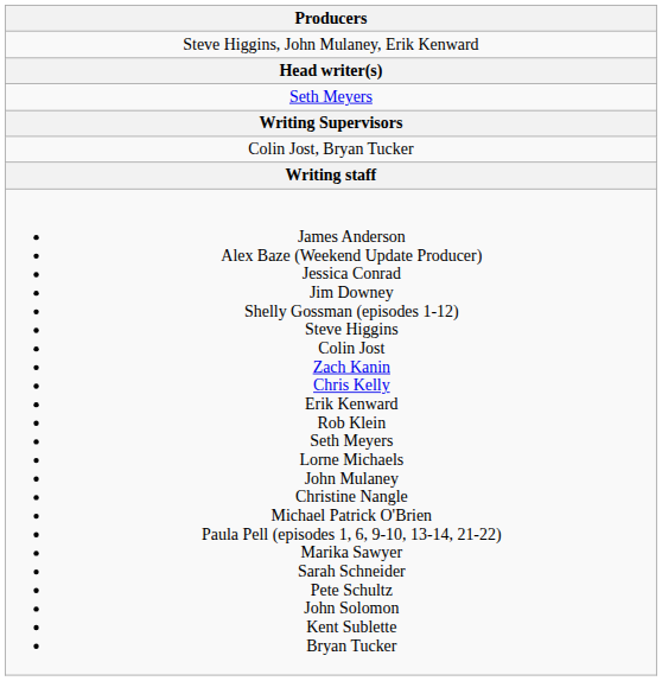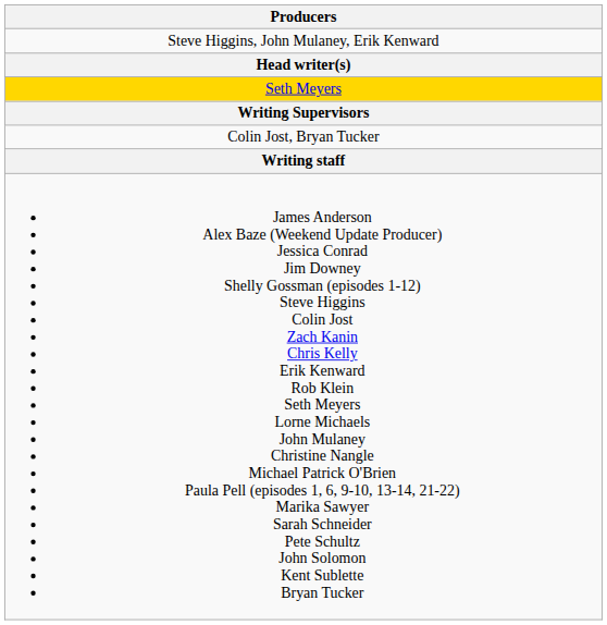 <table class="wikitable plainrowheaders"  style="text-align:center; width:50%;">
 <tr>
 <th><strong>Producers</strong></th>
 </tr>
 <tr>
 <td>Steve Higgins, John Mulaney, Erik Kenward</td>
 </tr>
 <tr>
 <th><strong>Head writer(s)</strong></th>
 </tr>
 <tr>
-<td><a href='#'>Seth Meyers</a></td>
+<td style="background: gold;"><a href='#'>Seth Meyers</a></td>
 </tr>
 <tr>
 <th><strong>Writing Supervisors</strong></th>
 </tr>
 <tr>
 <td>Colin Jost, Bryan Tucker</td>
 </tr>
 <tr>
 <th><strong>Writing staff</strong></th>
 </tr>
 <tr>
 <td><br><ul><li>James Anderson</li><li>Alex Baze (Weekend Update Producer)</li><li>Jessica Conrad</li><li>Jim Downey</li><li>Shelly Gossman (episodes 1-12)</li><li>Steve Higgins</li><li>Colin Jost</li><li><a href='#'>Zach Kanin</a></li><li><a href='#'>Chris Kelly</a></li><li>Erik Kenward</li><li>Rob Klein</li><li>Seth Meyers</li><li>Lorne Michaels</li><li>John Mulaney</li><li>Christine Nangle</li><li>Michael Patrick O'Brien</li><li>Paula Pell (episodes 1, 6, 9-10, 13-14, 21-22)</li><li>Marika Sawyer</li><li>Sarah Schneider</li><li>Pete Schultz</li><li>John Solomon</li><li>Kent Sublette</li><li>Bryan Tucker</li></ul></td>
 </tr>
 </table>
